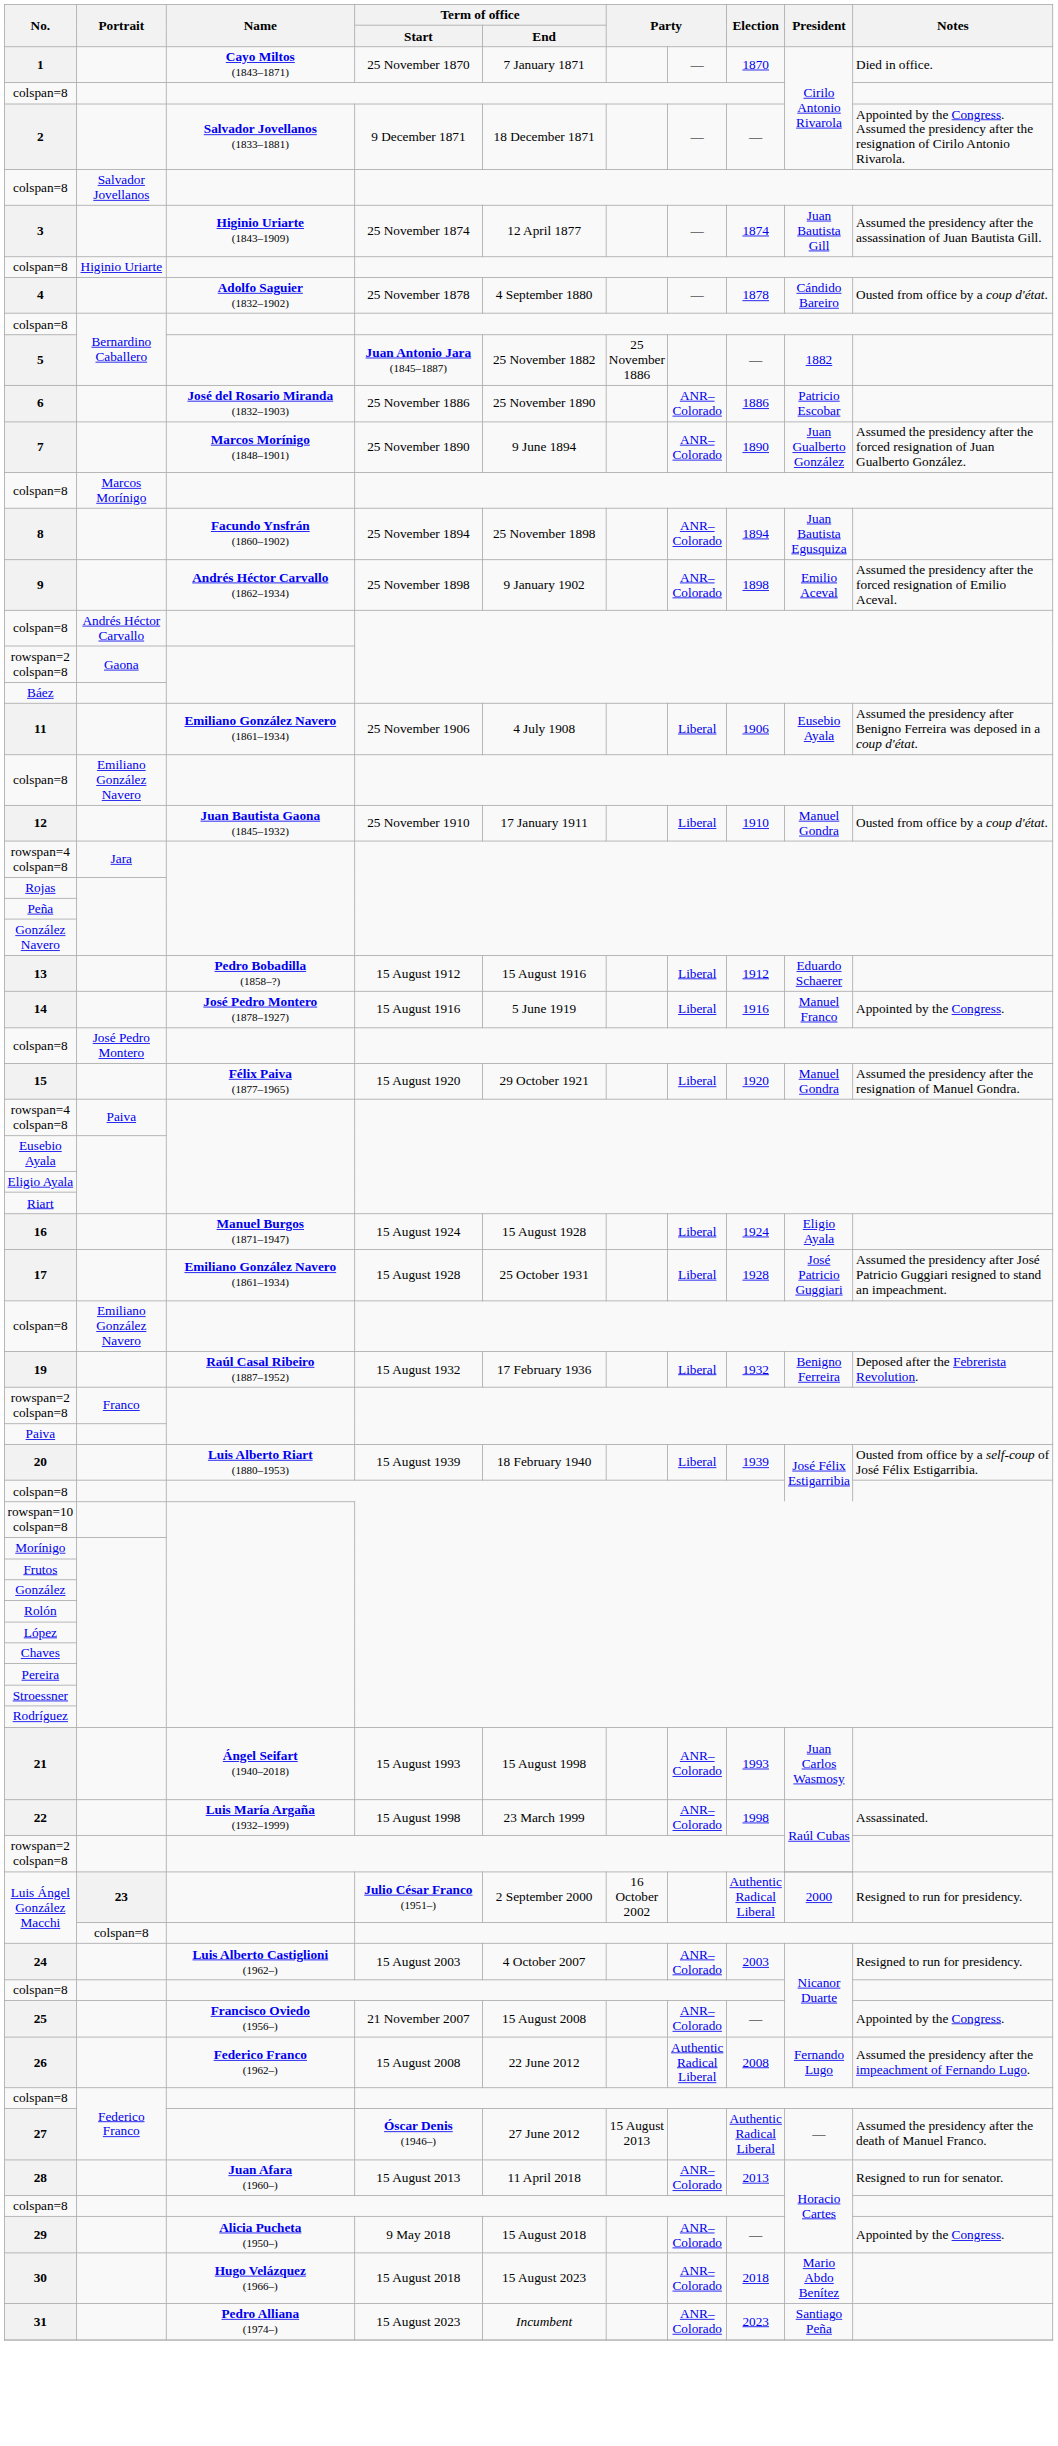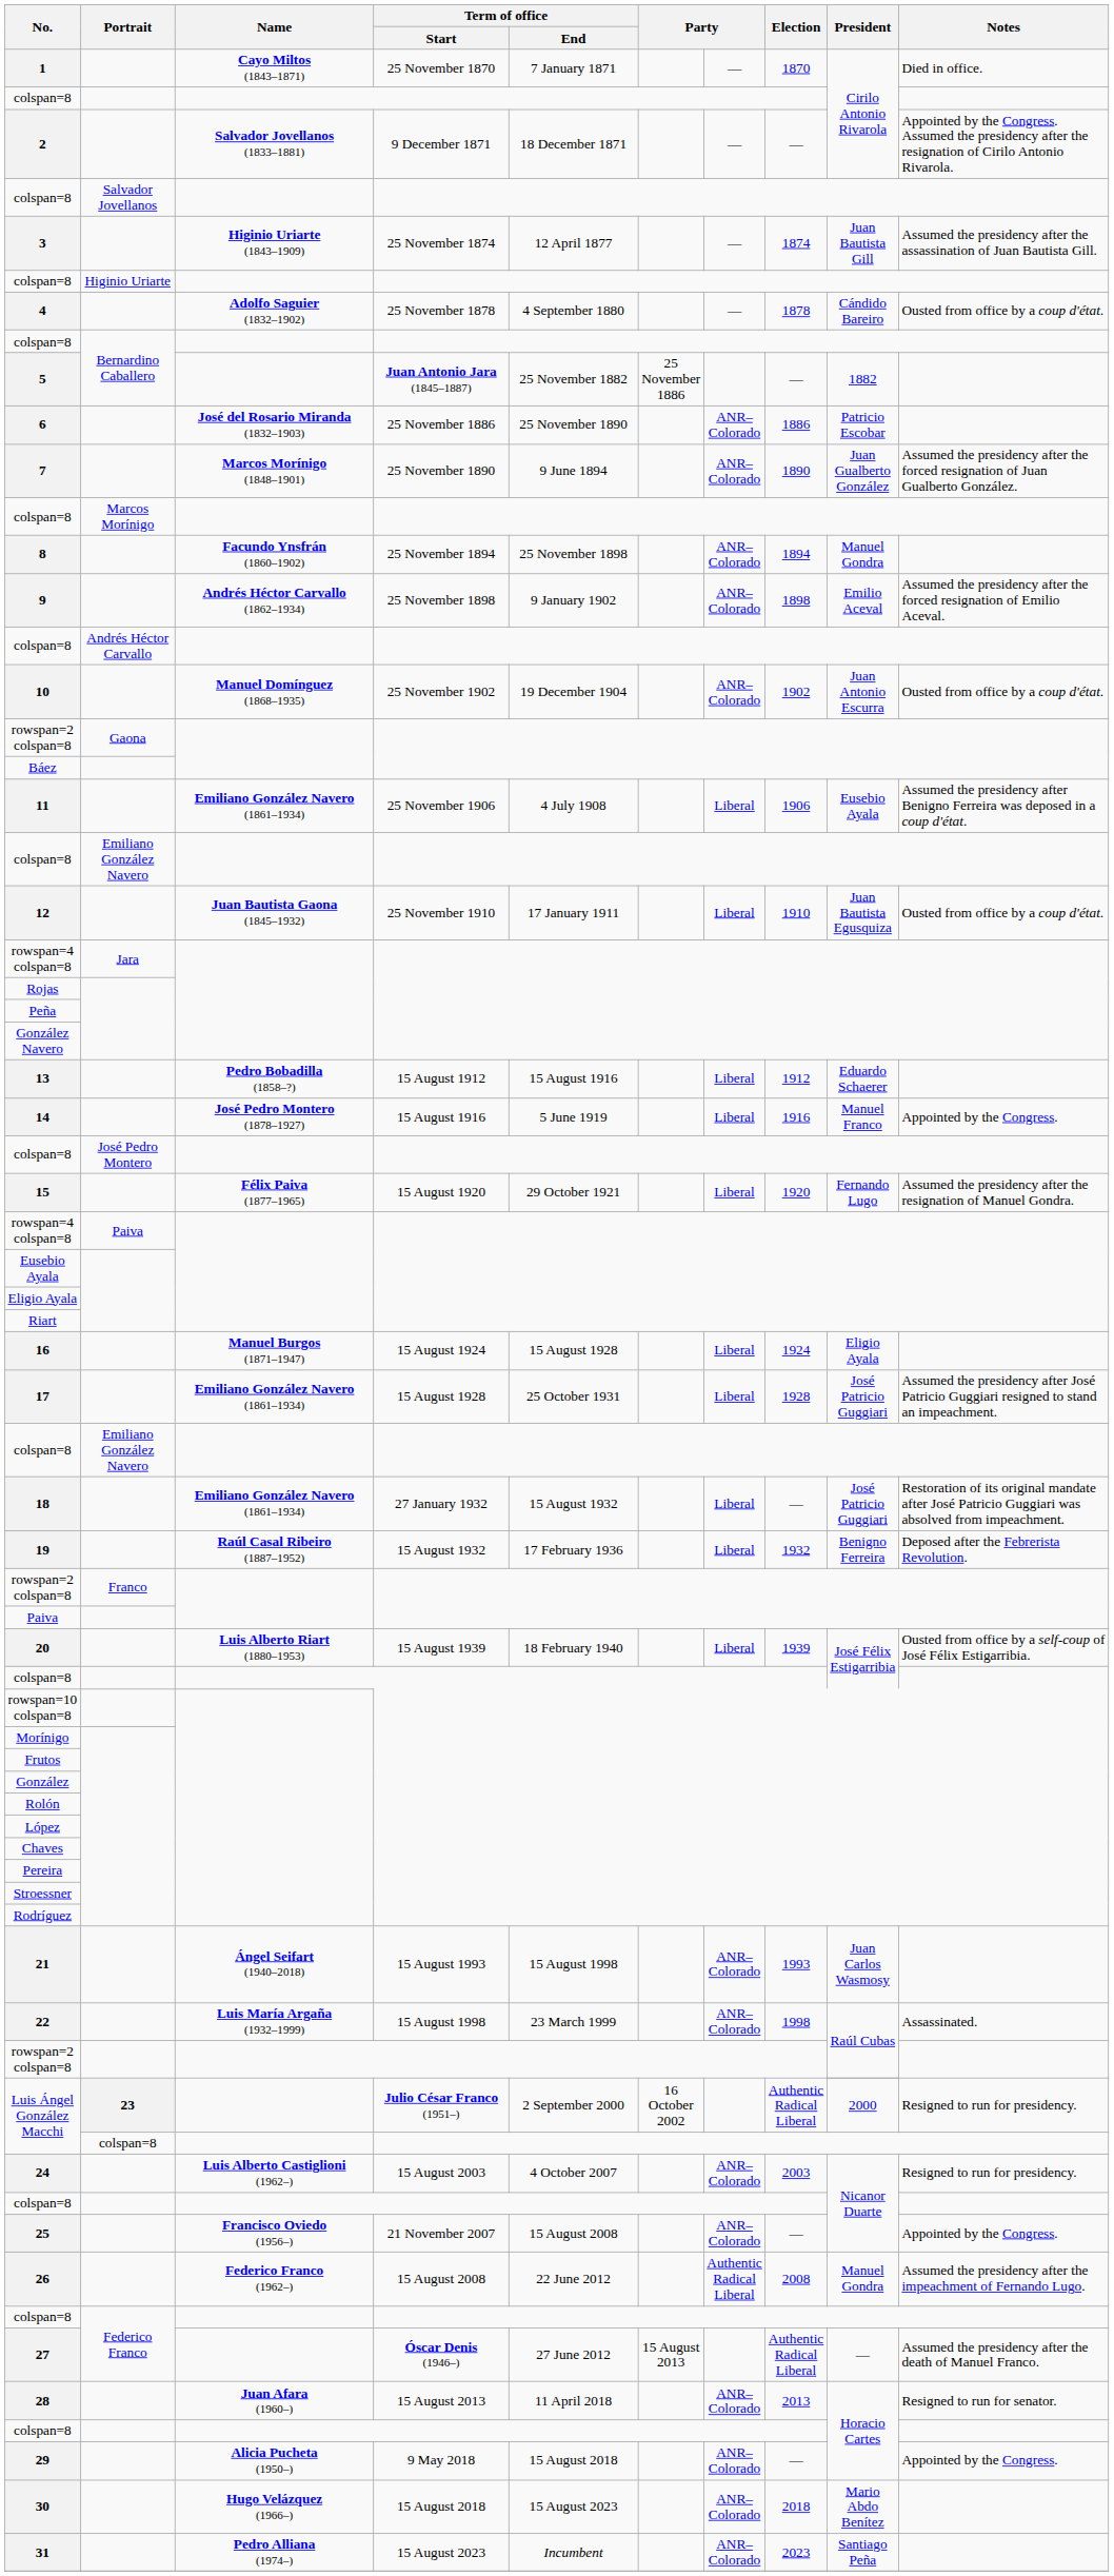 <table class="wikitable" width="100%" style="text-align: center;">
 <tr>
 <th rowspan=2 width="2.5%">No.</th>
 <th rowspan=2 width="10%">Portrait</th>
 <th rowspan=2 width="25%">Name<br></th>
 <th colspan=2 width="31.4%">Term of office</th>
 <th rowspan=2 colspan=2>Party</th>
 <th rowspan=2>Election</th>
 <th rowspan=2>President</th>
 <th rowspan=2 width="26%">Notes<br></th>
 </tr>
 <tr>
 <th>Start</th>
 <th>End</th>
 </tr>
 <tr>
 <th>1</th>
 <td></td>
 <td><strong><a href='#'>Cayo Miltos</a></strong><br><small>(1843–1871)</small></td>
 <td>25 November 1870</td>
 <td>7 January 1871</td>
 <td style="background-color:"></td>
 <td>—</td>
 <td><a href='#'>1870</a></td>
 <td rowspan=3><a href='#'>Cirilo Antonio Rivarola</a></td>
 <td align=left>Died in office.</td>
 </tr>
 <tr>
 <td>colspan=8 </td>
 <td align=left></td>
 </tr>
 <tr>
 <th>2</th>
 <td></td>
 <td><strong><a href='#'>Salvador Jovellanos</a></strong><br><small>(1833–1881)</small></td>
 <td>9 December 1871</td>
 <td>18 December 1871</td>
 <td style="background-color:"></td>
 <td>—</td>
 <td>—</td>
 <td align=left>Appointed by the <a href='#'>Congress</a>. Assumed the presidency after the resignation of Cirilo Antonio Rivarola.</td>
 </tr>
 <tr>
 <td>colspan=8 </td>
 <td><a href='#'>Salvador Jovellanos</a></td>
 <td align=left></td>
 </tr>
 <tr>
 <th>3</th>
 <td></td>
 <td><strong><a href='#'>Higinio Uriarte</a></strong><br><small>(1843–1909)</small></td>
 <td>25 November 1874</td>
 <td>12 April 1877</td>
 <td style="background-color:"></td>
 <td>—</td>
 <td><a href='#'>1874</a></td>
 <td><a href='#'>Juan Bautista Gill</a></td>
 <td align=left>Assumed the presidency after the assassination of Juan Bautista Gill.</td>
 </tr>
 <tr>
 <td>colspan=8 </td>
 <td><a href='#'>Higinio Uriarte</a></td>
 <td align=left></td>
 </tr>
 <tr>
 <th>4</th>
 <td></td>
 <td><strong><a href='#'>Adolfo Saguier</a></strong><br><small>(1832–1902)</small></td>
 <td>25 November 1878</td>
 <td>4 September 1880</td>
 <td style="background-color:"></td>
 <td>—</td>
 <td><a href='#'>1878</a></td>
 <td><a href='#'>Cándido Bareiro</a></td>
 <td align=left>Ousted from office by a <em>coup d'état</em>.</td>
 </tr>
 <tr>
 <td>colspan=8 </td>
 <td rowspan=2><a href='#'>Bernardino Caballero</a></td>
 <td align=left></td>
 </tr>
 <tr>
 <th>5</th>
 <td></td>
 <td><strong><a href='#'>Juan Antonio Jara</a></strong><br><small>(1845–1887)</small></td>
 <td>25 November 1882</td>
 <td>25 November 1886</td>
 <td style="background-color:"></td>
 <td>—</td>
 <td><a href='#'>1882</a></td>
 <td align=left></td>
 </tr>
 <tr>
 <th>6</th>
 <td></td>
 <td><strong><a href='#'>José del Rosario Miranda</a></strong><br><small>(1832–1903)</small></td>
 <td>25 November 1886</td>
 <td>25 November 1890</td>
 <td style="background:"></td>
 <td><a href='#'>ANR–Colorado</a></td>
 <td><a href='#'>1886</a></td>
 <td><a href='#'>Patricio Escobar</a></td>
 <td align=left></td>
 </tr>
 <tr>
 <th>7</th>
 <td></td>
 <td><strong><a href='#'>Marcos Morínigo</a></strong><br><small>(1848–1901)</small></td>
 <td>25 November 1890</td>
 <td>9 June 1894</td>
 <td style="background:"></td>
 <td><a href='#'>ANR–Colorado</a></td>
 <td><a href='#'>1890</a></td>
 <td><a href='#'>Juan Gualberto González</a></td>
 <td align=left>Assumed the presidency after the forced resignation of Juan Gualberto González.</td>
 </tr>
 <tr>
 <td>colspan=8 </td>
 <td><a href='#'>Marcos Morínigo</a></td>
 <td align=left></td>
 </tr>
 <tr>
 <th>8</th>
 <td></td>
 <td><strong><a href='#'>Facundo Ynsfrán</a></strong><br><small>(1860–1902)</small></td>
 <td>25 November 1894</td>
 <td>25 November 1898</td>
 <td style="background:"></td>
 <td><a href='#'>ANR–Colorado</a></td>
 <td><a href='#'>1894</a></td>
-<td><a href='#'>Juan Bautista Egusquiza</a></td>
+<td><a href='#'>Manuel Gondra</a></td>
 <td align=left></td>
 </tr>
 <tr>
 <th>9</th>
 <td></td>
 <td><strong><a href='#'>Andrés Héctor Carvallo</a></strong><br><small>(1862–1934)</small></td>
 <td>25 November 1898</td>
 <td>9 January 1902</td>
 <td style="background:"></td>
 <td><a href='#'>ANR–Colorado</a></td>
 <td><a href='#'>1898</a></td>
 <td><a href='#'>Emilio Aceval</a></td>
 <td align=left>Assumed the presidency after the forced resignation of Emilio Aceval.</td>
 </tr>
 <tr>
 <td>colspan=8 </td>
 <td><a href='#'>Andrés Héctor Carvallo</a></td>
 <td align=left></td>
+</tr>
+<tr>
+<th>10</th>
+<td></td>
+<td><strong><a href='#'>Manuel Domínguez</a></strong><br><small>(1868–1935)</small></td>
+<td>25 November 1902</td>
+<td>19 December 1904</td>
+<td style="background:"></td>
+<td><a href='#'>ANR–Colorado</a></td>
+<td><a href='#'>1902</a></td>
+<td><a href='#'>Juan Antonio Escurra</a></td>
+<td align=left>Ousted from office by a <em>coup d'état</em>.</td>
 </tr>
 <tr>
 <td>rowspan=2 colspan=8 </td>
 <td><a href='#'>Gaona</a></td>
 <td rowspan=2 align=left></td>
 </tr>
 <tr>
 <td><a href='#'>Báez</a></td>
 </tr>
 <tr>
 <th>11</th>
 <td></td>
 <td><strong><a href='#'>Emiliano González Navero</a></strong><br><small>(1861–1934)</small></td>
 <td>25 November 1906</td>
 <td>4 July 1908</td>
 <td style="background:"></td>
 <td><a href='#'>Liberal</a></td>
 <td><a href='#'>1906</a></td>
 <td><a href='#'>Eusebio Ayala</a></td>
 <td align=left>Assumed the presidency after Benigno Ferreira was deposed in a <em>coup d'état</em>.</td>
 </tr>
 <tr>
 <td>colspan=8 </td>
 <td><a href='#'>Emiliano González Navero</a></td>
 <td align=left></td>
 </tr>
 <tr>
 <th>12</th>
 <td></td>
 <td><strong><a href='#'>Juan Bautista Gaona</a></strong><br><small>(1845–1932)</small></td>
 <td>25 November 1910</td>
 <td>17 January 1911</td>
 <td style="background:"></td>
 <td><a href='#'>Liberal</a></td>
 <td><a href='#'>1910</a></td>
-<td><a href='#'>Manuel Gondra</a></td>
+<td><a href='#'>Juan Bautista Egusquiza</a></td>
 <td align=left>Ousted from office by a <em>coup d'état</em>.</td>
 </tr>
 <tr>
 <td>rowspan=4 colspan=8 </td>
 <td><a href='#'>Jara</a></td>
 <td rowspan=4 align=left></td>
 </tr>
 <tr>
 <td><a href='#'>Rojas</a></td>
 </tr>
 <tr>
 <td><a href='#'>Peña</a></td>
 </tr>
 <tr>
 <td><a href='#'>González Navero</a></td>
 </tr>
 <tr>
 <th>13</th>
 <td></td>
 <td><strong><a href='#'>Pedro Bobadilla</a></strong><br><small>(1858–?)</small></td>
 <td>15 August 1912</td>
 <td>15 August 1916</td>
 <td style="background:"></td>
 <td><a href='#'>Liberal</a></td>
 <td><a href='#'>1912</a></td>
 <td><a href='#'>Eduardo Schaerer</a></td>
 <td align=left></td>
 </tr>
 <tr>
 <th>14</th>
 <td></td>
 <td><strong><a href='#'>José Pedro Montero</a></strong><br><small>(1878–1927)</small></td>
 <td>15 August 1916</td>
 <td>5 June 1919</td>
 <td style="background:"></td>
 <td><a href='#'>Liberal</a></td>
 <td><a href='#'>1916</a></td>
 <td><a href='#'>Manuel Franco</a></td>
 <td align=left>Appointed by the <a href='#'>Congress</a>.</td>
 </tr>
 <tr>
 <td>colspan=8 </td>
 <td><a href='#'>José Pedro Montero</a></td>
 <td align=left></td>
 </tr>
 <tr>
 <th>15</th>
 <td></td>
 <td><strong><a href='#'>Félix Paiva</a></strong><br><small>(1877–1965)</small></td>
 <td>15 August 1920</td>
 <td>29 October 1921</td>
 <td style="background:"></td>
 <td><a href='#'>Liberal</a></td>
 <td><a href='#'>1920</a></td>
-<td><a href='#'>Manuel Gondra</a></td>
+<td><a href='#'>Fernando Lugo</a></td>
 <td align=left>Assumed the presidency after the resignation of Manuel Gondra.</td>
 </tr>
 <tr>
 <td>rowspan=4 colspan=8 </td>
 <td><a href='#'>Paiva</a></td>
 <td rowspan=4 align=left></td>
 </tr>
 <tr>
 <td><a href='#'>Eusebio Ayala</a></td>
 </tr>
 <tr>
 <td><a href='#'>Eligio Ayala</a></td>
 </tr>
 <tr>
 <td><a href='#'>Riart</a></td>
 </tr>
 <tr>
 <th>16</th>
 <td></td>
 <td><strong><a href='#'>Manuel Burgos</a></strong><br><small>(1871–1947)</small></td>
 <td>15 August 1924</td>
 <td>15 August 1928</td>
 <td style="background:"></td>
 <td><a href='#'>Liberal</a></td>
 <td><a href='#'>1924</a></td>
 <td><a href='#'>Eligio Ayala</a></td>
 <td align=left></td>
 </tr>
 <tr>
 <th>17</th>
 <td></td>
 <td><strong><a href='#'>Emiliano González Navero</a></strong><br><small>(1861–1934)</small></td>
 <td>15 August 1928</td>
 <td>25 October 1931</td>
 <td style="background:"></td>
 <td><a href='#'>Liberal</a></td>
 <td><a href='#'>1928</a></td>
 <td><a href='#'>José Patricio Guggiari</a></td>
 <td align=left>Assumed the presidency after José Patricio Guggiari resigned to stand an impeachment.</td>
 </tr>
 <tr>
 <td>colspan=8 </td>
 <td><a href='#'>Emiliano González Navero</a></td>
 <td align=left></td>
+</tr>
+<tr>
+<th>18</th>
+<td></td>
+<td><strong><a href='#'>Emiliano González Navero</a></strong><br><small>(1861–1934)</small></td>
+<td>27 January 1932</td>
+<td>15 August 1932</td>
+<td style="background:"></td>
+<td><a href='#'>Liberal</a></td>
+<td>—</td>
+<td><a href='#'>José Patricio Guggiari</a></td>
+<td align=left>Restoration of its original mandate after José Patricio Guggiari was absolved from impeachment.</td>
 </tr>
 <tr>
 <th>19</th>
 <td></td>
 <td><strong><a href='#'>Raúl Casal Ribeiro</a></strong><br><small>(1887–1952)</small></td>
 <td>15 August 1932</td>
 <td>17 February 1936</td>
 <td style="background:"></td>
 <td><a href='#'>Liberal</a></td>
 <td><a href='#'>1932</a></td>
 <td><a href='#'>Benigno Ferreira</a></td>
 <td align=left>Deposed after the <a href='#'>Febrerista Revolution</a>.</td>
 </tr>
 <tr>
 <td>rowspan=2 colspan=8 </td>
 <td><a href='#'>Franco</a></td>
 <td rowspan=2 align=left></td>
 </tr>
 <tr>
 <td><a href='#'>Paiva</a></td>
 </tr>
 <tr>
 <th>20</th>
 <td></td>
 <td><strong><a href='#'>Luis Alberto Riart</a></strong><br><small>(1880–1953)</small></td>
 <td>15 August 1939</td>
 <td>18 February 1940</td>
 <td style="background:"></td>
 <td><a href='#'>Liberal</a></td>
 <td><a href='#'>1939</a></td>
 <td rowspan=2 style="border-bottom:0px;"><a href='#'>José Félix Estigarribia</a></td>
 <td align=left>Ousted from office by a <em>self-coup</em> of José Félix Estigarribia.</td>
 </tr>
 <tr>
 <td>colspan=8 </td>
 <td align=left></td>
 </tr>
 <tr>
 <td>rowspan=10 colspan=8 </td>
 <td style="border-top:0px;" height=20px></td>
 <td rowspan=10 align=left></td>
 </tr>
 <tr>
 <td><a href='#'>Morínigo</a></td>
 </tr>
 <tr>
 <td><a href='#'>Frutos</a></td>
 </tr>
 <tr>
 <td><a href='#'>González</a></td>
 </tr>
 <tr>
 <td><a href='#'>Rolón</a></td>
 </tr>
 <tr>
 <td><a href='#'>López</a></td>
 </tr>
 <tr>
 <td><a href='#'>Chaves</a></td>
 </tr>
 <tr>
 <td><a href='#'>Pereira</a></td>
 </tr>
 <tr>
 <td><a href='#'>Stroessner</a></td>
 </tr>
 <tr>
 <td><a href='#'>Rodríguez</a></td>
 </tr>
 <tr>
 <th>21</th>
 <td height=80px></td>
 <td><strong><a href='#'>Ángel Seifart</a></strong><br><small>(1940–2018)</small></td>
 <td>15 August 1993</td>
 <td>15 August 1998</td>
 <td style="background:"></td>
 <td><a href='#'>ANR–Colorado</a></td>
 <td><a href='#'>1993</a></td>
 <td><a href='#'>Juan Carlos Wasmosy</a></td>
 <td align=left></td>
 </tr>
 <tr>
 <th>22</th>
 <td></td>
 <td><strong><a href='#'>Luis María Argaña</a></strong><br><small>(1932–1999)</small></td>
 <td>15 August 1998</td>
 <td>23 March 1999</td>
 <td style="background:"></td>
 <td><a href='#'>ANR–Colorado</a></td>
 <td><a href='#'>1998</a></td>
 <td rowspan=2><a href='#'>Raúl Cubas</a></td>
 <td align=left>Assassinated.</td>
 </tr>
 <tr>
 <td>rowspan=2 colspan=8 </td>
 <td align=left rowspan=2></td>
 </tr>
 <tr>
 <td rowspan=3><a href='#'>Luis Ángel González Macchi</a></td>
 </tr>
 <tr>
 <th>23</th>
 <td></td>
 <td><strong><a href='#'>Julio César Franco</a></strong><br><small>(1951–)</small></td>
 <td>2 September 2000</td>
 <td>16 October 2002</td>
 <td style="background:"></td>
 <td><a href='#'>Authentic Radical Liberal</a></td>
 <td><a href='#'>2000</a></td>
 <td align=left>Resigned to run for presidency.</td>
 </tr>
 <tr>
 <td>colspan=8 </td>
 <td align=left></td>
 </tr>
 <tr>
 <th>24</th>
 <td></td>
 <td><strong><a href='#'>Luis Alberto Castiglioni</a></strong><br><small>(1962–)</small></td>
 <td>15 August 2003</td>
 <td>4 October 2007</td>
 <td style="background:"></td>
 <td><a href='#'>ANR–Colorado</a></td>
 <td><a href='#'>2003</a></td>
 <td rowspan=3><a href='#'>Nicanor Duarte</a></td>
 <td align=left>Resigned to run for presidency.</td>
 </tr>
 <tr>
 <td>colspan=8 </td>
 <td align=left></td>
 </tr>
 <tr>
 <th>25</th>
 <td></td>
 <td><strong><a href='#'>Francisco Oviedo</a></strong><br><small>(1956–)</small></td>
 <td>21 November 2007</td>
 <td>15 August 2008</td>
 <td style="background:"></td>
 <td><a href='#'>ANR–Colorado</a></td>
 <td>—</td>
 <td align=left>Appointed by the <a href='#'>Congress</a>.</td>
 </tr>
 <tr>
 <th>26</th>
 <td></td>
 <td><strong><a href='#'>Federico Franco</a></strong><br><small>(1962–)</small></td>
 <td>15 August 2008</td>
 <td>22 June 2012</td>
 <td style="background:"></td>
 <td><a href='#'>Authentic Radical Liberal</a></td>
 <td><a href='#'>2008</a></td>
-<td><a href='#'>Fernando Lugo</a></td>
+<td><a href='#'>Manuel Gondra</a></td>
 <td align=left>Assumed the presidency after the <a href='#'>impeachment of Fernando Lugo</a>.</td>
 </tr>
 <tr>
 <td>colspan=8 </td>
 <td rowspan=2><a href='#'>Federico Franco</a></td>
 <td align=left></td>
 </tr>
 <tr>
 <th>27</th>
 <td></td>
 <td><strong><a href='#'>Óscar Denis</a></strong><br><small>(1946–)</small></td>
 <td>27 June 2012</td>
 <td>15 August 2013</td>
 <td style="background:"></td>
 <td><a href='#'>Authentic Radical Liberal</a></td>
 <td>—</td>
 <td align=left>Assumed the presidency after the death of Manuel Franco.</td>
 </tr>
 <tr>
 <th>28</th>
 <td></td>
 <td><strong><a href='#'>Juan Afara</a></strong><br><small>(1960–)</small></td>
 <td>15 August 2013</td>
 <td>11 April 2018</td>
 <td style="background:"></td>
 <td><a href='#'>ANR–Colorado</a></td>
 <td><a href='#'>2013</a></td>
 <td rowspan=3><a href='#'>Horacio Cartes</a></td>
 <td align=left>Resigned to run for senator.</td>
 </tr>
 <tr>
 <td>colspan=8 </td>
 <td align=left></td>
 </tr>
 <tr>
 <th>29</th>
 <td></td>
 <td><strong><a href='#'>Alicia Pucheta</a></strong><br><small>(1950–)</small></td>
 <td>9 May 2018</td>
 <td>15 August 2018</td>
 <td style="background:"></td>
 <td><a href='#'>ANR–Colorado</a></td>
 <td>—</td>
 <td align=left>Appointed by the <a href='#'>Congress</a>.</td>
 </tr>
 <tr>
 <th>30</th>
 <td></td>
 <td><strong><a href='#'>Hugo Velázquez</a></strong><br><small>(1966–)</small></td>
 <td>15 August 2018</td>
 <td>15 August 2023</td>
 <td style="background:"></td>
 <td><a href='#'>ANR–Colorado</a></td>
 <td><a href='#'>2018</a></td>
 <td><a href='#'>Mario Abdo Benítez</a></td>
 <td align=left></td>
 </tr>
 <tr>
 <th>31</th>
 <td></td>
 <td><strong><a href='#'>Pedro Alliana</a></strong><br><small>(1974–)</small></td>
 <td>15 August 2023</td>
 <td><em>Incumbent</em></td>
 <td style="background:"></td>
 <td><a href='#'>ANR–Colorado</a></td>
 <td><a href='#'>2023</a></td>
 <td><a href='#'>Santiago Peña</a></td>
 <td align=left></td>
 </tr>
 <tr>
 </tr>
 </table>
